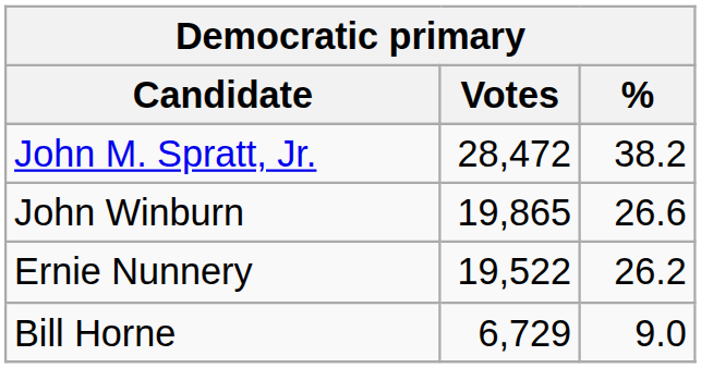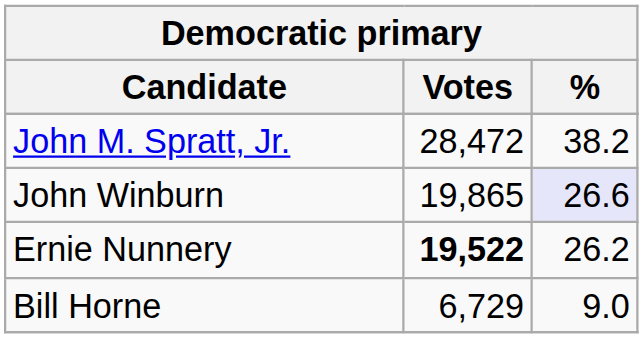 <table class="wikitable" align="left" style="margin: 1em 1em 1em 0; font-size: 95%;">
 <tr>
 <th colspan="3">Democratic primary</th>
 </tr>
 <tr>
 <th colspan="1" style="width: 170px">Candidate</th>
 <th style="width: 50px">Votes</th>
 <th style="width: 40px">%</th>
 </tr>
 <tr>
 </tr>
 <tr>
 <td><a href='#'>John M. Spratt, Jr.</a></td>
 <td align="right">28,472</td>
 <td align="right">38.2</td>
 </tr>
 <tr>
 <td>John Winburn</td>
 <td align="right">19,865</td>
-<td align="right">26.6</td>
+<td align="right" style="background: lavender;">26.6</td>
 </tr>
 <tr>
 <td>Ernie Nunnery</td>
-<td align="right">19,522</td>
+<td align="right"><strong>19,522</strong></td>
 <td align="right">26.2</td>
 </tr>
 <tr>
 <td>Bill Horne</td>
 <td align="right">6,729</td>
 <td align="right">9.0</td>
 </tr>
 <tr>
 </tr>
 </table>
